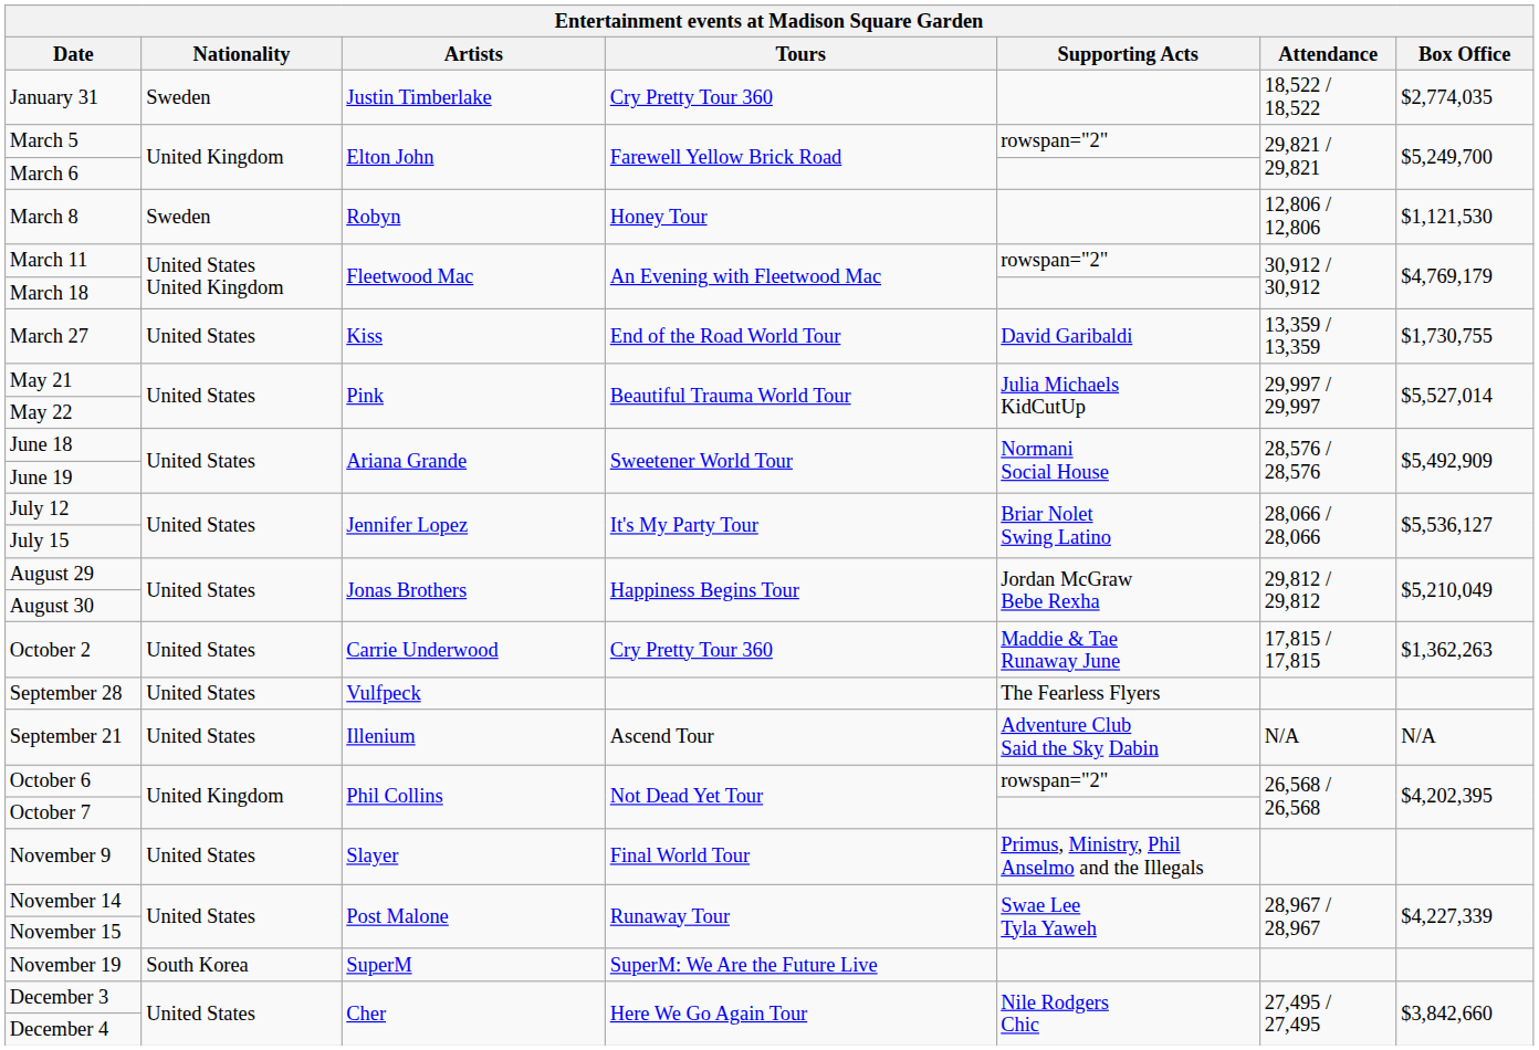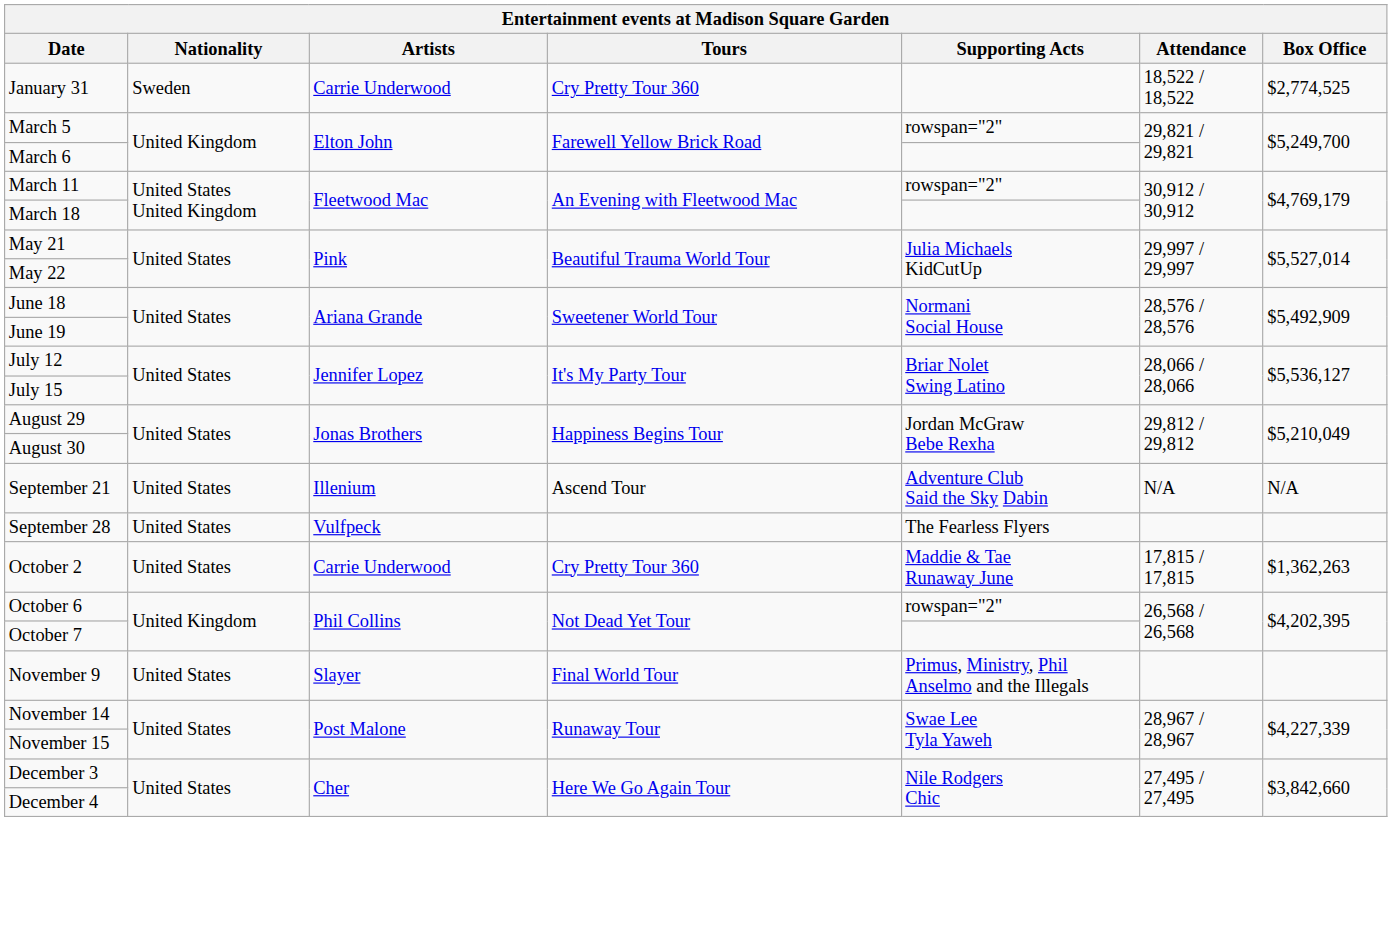 <table class="wikitable">
 <tr>
 <th colspan="7">Entertainment events at Madison Square Garden</th>
 </tr>
 <tr>
 <th width=100>Date</th>
 <th width=150>Nationality</th>
 <th width=200>Artists</th>
 <th width=300>Tours</th>
 <th width=200>Supporting Acts</th>
 <th width=100>Attendance</th>
 <th width=100>Box Office</th>
 </tr>
 <tr>
 <td>January 31</td>
 <td>Sweden</td>
-<td><a href='#'>Justin Timberlake</a></td>
+<td><a href='#'>Carrie Underwood</a></td>
 <td><a href='#'>Cry Pretty Tour 360</a></td>
 <td></td>
 <td>18,522 / 18,522</td>
-<td>$2,774,035</td>
+<td>$2,774,525</td>
 </tr>
 <tr>
 <td>March 5</td>
 <td rowspan=2>United Kingdom</td>
 <td rowspan=2><a href='#'>Elton John</a></td>
 <td rowspan=2><a href='#'>Farewell Yellow Brick Road</a></td>
 <td>rowspan="2" </td>
 <td rowspan=2>29,821 / 29,821</td>
 <td rowspan=2>$5,249,700</td>
 </tr>
 <tr>
 <td>March 6</td>
 </tr>
 <tr>
-<td>March 8</td>
-<td>Sweden</td>
-<td><a href='#'>Robyn</a></td>
-<td><a href='#'>Honey Tour</a></td>
-<td></td>
-<td>12,806 / 12,806</td>
-<td>$1,121,530</td>
-</tr>
-<tr>
 <td>March 11</td>
 <td rowspan="2">United States<br>United Kingdom</td>
 <td rowspan="2"><a href='#'>Fleetwood Mac</a></td>
 <td rowspan="2"><a href='#'>An Evening with Fleetwood Mac</a></td>
 <td>rowspan="2" </td>
 <td rowspan="2">30,912 / 30,912</td>
 <td rowspan="2">$4,769,179</td>
 </tr>
 <tr>
 <td>March 18</td>
-</tr>
-<tr>
-<td>March 27</td>
-<td>United States</td>
-<td><a href='#'>Kiss</a></td>
-<td><a href='#'>End of the Road World Tour</a></td>
-<td><a href='#'>David Garibaldi</a></td>
-<td>13,359 / 13,359</td>
-<td>$1,730,755</td>
 </tr>
 <tr>
 <td>May 21</td>
 <td rowspan="2">United States</td>
 <td rowspan="2"><a href='#'>Pink</a></td>
 <td rowspan="2"><a href='#'>Beautiful Trauma World Tour</a></td>
 <td rowspan="2"><a href='#'>Julia Michaels</a><br>KidCutUp</td>
 <td rowspan="2">29,997 / 29,997</td>
 <td rowspan="2">$5,527,014</td>
 </tr>
 <tr>
 <td>May 22</td>
 </tr>
 <tr>
 <td>June 18</td>
 <td rowspan="2">United States</td>
 <td rowspan="2"><a href='#'>Ariana Grande</a></td>
 <td rowspan="2"><a href='#'>Sweetener World Tour</a></td>
 <td rowspan="2"><a href='#'>Normani</a><br><a href='#'>Social House</a></td>
 <td rowspan="2">28,576 / 28,576</td>
 <td rowspan="2">$5,492,909</td>
 </tr>
 <tr>
 <td>June 19</td>
 </tr>
 <tr>
 <td>July 12</td>
 <td rowspan="2">United States</td>
 <td rowspan="2"><a href='#'>Jennifer Lopez</a></td>
 <td rowspan="2"><a href='#'>It's My Party Tour</a></td>
 <td rowspan="2"><a href='#'>Briar Nolet</a><br><a href='#'>Swing Latino</a></td>
 <td rowspan="2">28,066 / 28,066</td>
 <td rowspan="2">$5,536,127</td>
 </tr>
 <tr>
 <td>July 15</td>
 </tr>
 <tr>
 <td>August 29</td>
 <td rowspan="2">United States</td>
 <td rowspan="2"><a href='#'>Jonas Brothers</a></td>
 <td rowspan="2"><a href='#'>Happiness Begins Tour</a></td>
 <td rowspan="2">Jordan McGraw<br><a href='#'>Bebe Rexha</a></td>
 <td rowspan="2">29,812 / 29,812</td>
 <td rowspan="2">$5,210,049</td>
 </tr>
 <tr>
 <td>August 30</td>
 </tr>
 <tr>
-<td>October 2</td>
+<td>September 21</td>
 <td>United States</td>
-<td><a href='#'>Carrie Underwood</a></td>
-<td><a href='#'>Cry Pretty Tour 360</a></td>
-<td><a href='#'>Maddie & Tae</a><br><a href='#'>Runaway June</a></td>
-<td>17,815 / 17,815</td>
-<td>$1,362,263</td>
+<td><a href='#'>Illenium</a></td>
+<td>Ascend Tour</td>
+<td><a href='#'>Adventure Club</a><br><a href='#'>Said the Sky</a> <a href='#'>Dabin</a></td>
+<td>N/A</td>
+<td>N/A</td>
 </tr>
 <tr>
 <td>September 28</td>
 <td>United States</td>
 <td><a href='#'>Vulfpeck</a></td>
 <td></td>
 <td>The Fearless Flyers</td>
 <td></td>
 <td></td>
 </tr>
 <tr>
-<td>September 21</td>
+<td>October 2</td>
 <td>United States</td>
-<td><a href='#'>Illenium</a></td>
-<td>Ascend Tour</td>
-<td><a href='#'>Adventure Club</a><br><a href='#'>Said the Sky</a> <a href='#'>Dabin</a></td>
-<td>N/A</td>
-<td>N/A</td>
+<td><a href='#'>Carrie Underwood</a></td>
+<td><a href='#'>Cry Pretty Tour 360</a></td>
+<td><a href='#'>Maddie & Tae</a><br><a href='#'>Runaway June</a></td>
+<td>17,815 / 17,815</td>
+<td>$1,362,263</td>
 </tr>
 <tr>
 <td>October 6</td>
 <td rowspan="2">United Kingdom</td>
 <td rowspan="2"><a href='#'>Phil Collins</a></td>
 <td rowspan="2"><a href='#'>Not Dead Yet Tour</a></td>
 <td>rowspan="2" </td>
 <td rowspan="2">26,568 / 26,568</td>
 <td rowspan="2">$4,202,395</td>
 </tr>
 <tr>
 <td>October 7</td>
 </tr>
 <tr>
 <td>November 9</td>
 <td>United States</td>
 <td><a href='#'>Slayer</a></td>
 <td><a href='#'>Final World Tour</a></td>
 <td><a href='#'>Primus</a>, <a href='#'>Ministry</a>, <a href='#'>Phil Anselmo</a> and the Illegals</td>
 <td></td>
 <td></td>
 </tr>
 <tr>
 <td>November 14</td>
 <td rowspan="2">United States</td>
 <td rowspan="2"><a href='#'>Post Malone</a></td>
 <td rowspan="2"><a href='#'>Runaway Tour</a></td>
 <td rowspan="2"><a href='#'>Swae Lee</a><br><a href='#'>Tyla Yaweh</a></td>
 <td rowspan="2">28,967 / 28,967</td>
 <td rowspan="2">$4,227,339</td>
 </tr>
 <tr>
 <td>November 15</td>
 </tr>
 <tr>
-<td>November 19</td>
-<td>South Korea</td>
-<td><a href='#'>SuperM</a></td>
-<td><a href='#'>SuperM: We Are the Future Live</a></td>
-<td></td>
-<td></td>
-<td></td>
-</tr>
-<tr>
 <td>December 3</td>
 <td rowspan="2">United States</td>
 <td rowspan="2"><a href='#'>Cher</a></td>
 <td rowspan="2"><a href='#'>Here We Go Again Tour</a></td>
 <td rowspan="2"><a href='#'>Nile Rodgers</a><br><a href='#'>Chic</a></td>
 <td rowspan="2">27,495 / 27,495</td>
 <td rowspan="2">$3,842,660</td>
 </tr>
 <tr>
 <td>December 4</td>
 </tr>
 </table>
